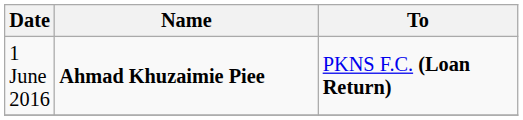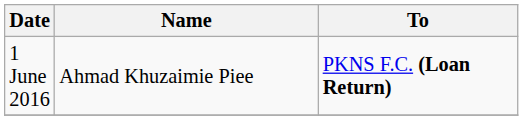 <table class="wikitable sortable">
 <tr>
 <th width= 25>Date</th>
 <th width= 200>Name</th>
 <th width= 150>To</th>
 </tr>
 <tr>
 <td>1 June 2016</td>
-<td><strong> Ahmad Khuzaimie Piee</strong></td>
+<td> Ahmad Khuzaimie Piee</td>
 <td> <a href='#'>PKNS F.C.</a> <strong>(Loan Return)</strong></td>
 </tr>
 <tr>
 </tr>
 </table>
